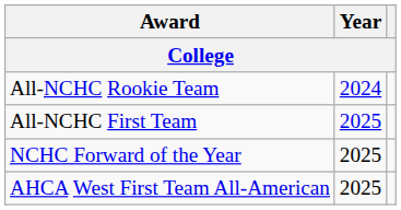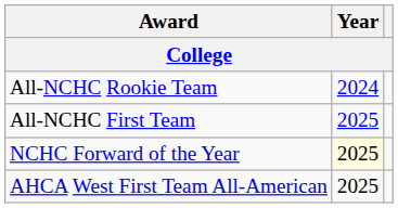 <table class="wikitable">
 <tr>
 <th>Award</th>
 <th>Year</th>
 <th></th>
 </tr>
 <tr>
 <th colspan="3"><a href='#'>College</a></th>
 </tr>
 <tr>
 <td>All-<a href='#'>NCHC</a> <a href='#'>Rookie Team</a></td>
 <td><a href='#'>2024</a></td>
 <td></td>
 </tr>
 <tr>
 <td>All-NCHC <a href='#'>First Team</a></td>
 <td><a href='#'>2025</a></td>
 <td></td>
 </tr>
 <tr>
 <td><a href='#'>NCHC Forward of the Year</a></td>
-<td>2025</td>
+<td style="background: lightyellow;">2025</td>
 <td></td>
 </tr>
 <tr>
 <td><a href='#'>AHCA</a> <a href='#'>West First Team All-American</a></td>
 <td>2025</td>
 <td></td>
 </tr>
 </table>
